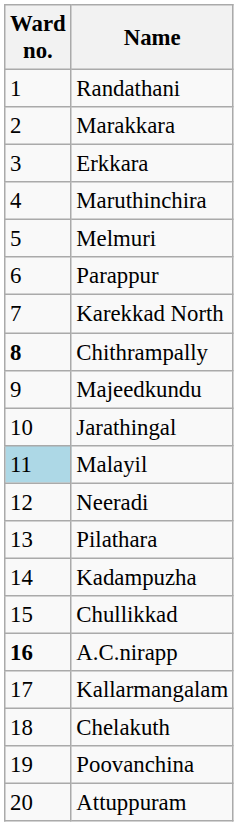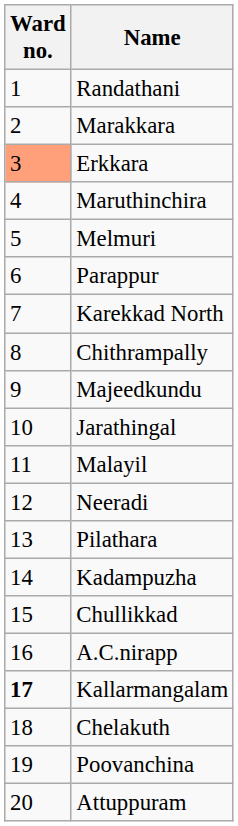 <table class="wikitable sortable" style="font-size: 95%;">
 <tr>
 <th width="20px">Ward no.</th>
 <th width="75px">Name</th>
 </tr>
 <tr>
 <td>1</td>
 <td>Randathani</td>
 </tr>
 <tr>
 <td>2</td>
 <td>Marakkara</td>
 </tr>
 <tr>
-<td>3</td>
+<td style="background: lightsalmon;">3</td>
 <td>Erkkara</td>
 </tr>
 <tr>
 <td>4</td>
 <td>Maruthinchira</td>
 </tr>
 <tr>
 <td>5</td>
 <td>Melmuri</td>
 </tr>
 <tr>
 <td>6</td>
 <td>Parappur</td>
 </tr>
 <tr>
 <td>7</td>
 <td>Karekkad North</td>
 </tr>
 <tr>
-<td><strong>8</strong></td>
+<td>8</td>
 <td>Chithrampally</td>
 </tr>
 <tr>
 <td>9</td>
 <td>Majeedkundu</td>
 </tr>
 <tr>
 <td>10</td>
 <td>Jarathingal</td>
 </tr>
 <tr>
-<td style="background: lightblue;">11</td>
+<td>11</td>
 <td>Malayil</td>
 </tr>
 <tr>
 <td>12</td>
 <td>Neeradi</td>
 </tr>
 <tr>
 <td>13</td>
 <td>Pilathara</td>
 </tr>
 <tr>
 <td>14</td>
 <td>Kadampuzha</td>
 </tr>
 <tr>
 <td>15</td>
 <td>Chullikkad</td>
 </tr>
 <tr>
-<td><strong>16</strong></td>
+<td>16</td>
 <td>A.C.nirapp</td>
 </tr>
 <tr>
-<td>17</td>
+<td><strong>17</strong></td>
 <td>Kallarmangalam</td>
 </tr>
 <tr>
 <td>18</td>
 <td>Chelakuth</td>
 </tr>
 <tr>
 <td>19</td>
 <td>Poovanchina</td>
 </tr>
 <tr>
 <td>20</td>
 <td>Attuppuram</td>
 </tr>
 </table>
